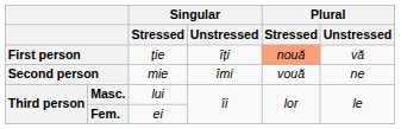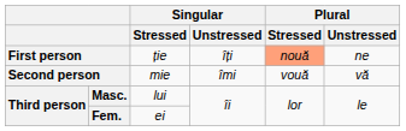 <table class="wikitable" style="text-align: center;">
 <tr>
 <th colspan="2"></th>
 <th colspan="2">Singular</th>
 <th colspan="2">Plural</th>
 </tr>
 <tr>
 <th colspan="2"></th>
 <th>Stressed</th>
 <th>Unstressed</th>
 <th>Stressed</th>
 <th>Unstressed</th>
 </tr>
 <tr>
 <th colspan="2" style="text-align: left;">First person</th>
 <td><em>ție</em></td>
 <td><em>îți</em></td>
 <td style="background: lightsalmon;"><em>nouă</em></td>
-<td><em>vă</em></td>
+<td><em>ne</em></td>
 </tr>
 <tr>
 <th colspan="2" style="text-align: left;">Second person</th>
 <td><em>mie</em></td>
 <td><em>îmi</em></td>
 <td><em>vouă</em></td>
-<td><em>ne</em></td>
+<td><em>vă</em></td>
 </tr>
 <tr>
 <th rowspan="2" style="text-align: left;">Third person</th>
 <th style="text-align: left;">Masc.</th>
 <td><em>lui</em></td>
 <td rowspan="2"><em>îi</em></td>
 <td rowspan="2"><em>lor</em></td>
 <td rowspan="2"><em>le</em></td>
 </tr>
 <tr>
 <th style="text-align: left;">Fem.</th>
 <td><em>ei</em></td>
 </tr>
 </table>
